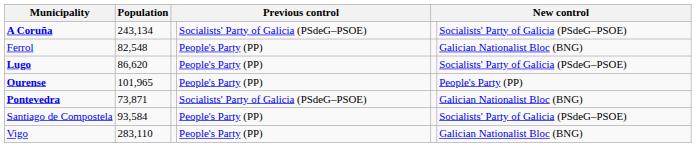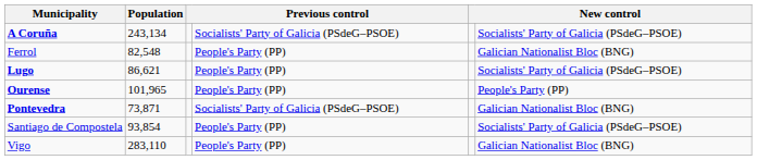 <table class="wikitable sortable">
 <tr>
 <th>Municipality</th>
 <th>Population</th>
 <th colspan="2" style="width:375px;">Previous control</th>
 <th colspan="2" style="width:375px;">New control</th>
 </tr>
 <tr>
 <td><strong><a href='#'>A Coruña</a></strong></td>
 <td>243,134</td>
 <td width="1" style="color:inherit;background:"></td>
 <td><a href='#'>Socialists' Party of Galicia</a> (PSdeG–PSOE)</td>
 <td width="1" style="color:inherit;background:"></td>
 <td><a href='#'>Socialists' Party of Galicia</a> (PSdeG–PSOE)</td>
 </tr>
 <tr>
 <td><a href='#'>Ferrol</a></td>
 <td>82,548</td>
 <td style="color:inherit;background:"></td>
 <td><a href='#'>People's Party</a> (PP)</td>
 <td style="color:inherit;background:"></td>
 <td><a href='#'>Galician Nationalist Bloc</a> (BNG)</td>
 </tr>
 <tr>
 <td><strong><a href='#'>Lugo</a></strong></td>
-<td>86,620</td>
+<td>86,621</td>
 <td style="color:inherit;background:"></td>
 <td><a href='#'>People's Party</a> (PP)</td>
 <td style="color:inherit;background:"></td>
 <td><a href='#'>Socialists' Party of Galicia</a> (PSdeG–PSOE)</td>
 </tr>
 <tr>
 <td><strong><a href='#'>Ourense</a></strong></td>
 <td>101,965</td>
 <td style="color:inherit;background:"></td>
 <td><a href='#'>People's Party</a> (PP)</td>
 <td style="color:inherit;background:"></td>
 <td><a href='#'>People's Party</a> (PP)</td>
 </tr>
 <tr>
 <td><strong><a href='#'>Pontevedra</a></strong></td>
 <td>73,871</td>
 <td style="color:inherit;background:"></td>
 <td><a href='#'>Socialists' Party of Galicia</a> (PSdeG–PSOE)</td>
 <td style="color:inherit;background:"></td>
 <td><a href='#'>Galician Nationalist Bloc</a> (BNG)</td>
 </tr>
 <tr>
 <td><a href='#'>Santiago de Compostela</a></td>
-<td>93,584</td>
+<td>93,854</td>
 <td style="color:inherit;background:"></td>
 <td><a href='#'>People's Party</a> (PP)</td>
 <td style="color:inherit;background:"></td>
 <td><a href='#'>Socialists' Party of Galicia</a> (PSdeG–PSOE)</td>
 </tr>
 <tr>
 <td><a href='#'>Vigo</a></td>
 <td>283,110</td>
 <td style="color:inherit;background:"></td>
 <td><a href='#'>People's Party</a> (PP)</td>
 <td style="color:inherit;background:"></td>
 <td><a href='#'>Galician Nationalist Bloc</a> (BNG)</td>
 </tr>
 </table>
